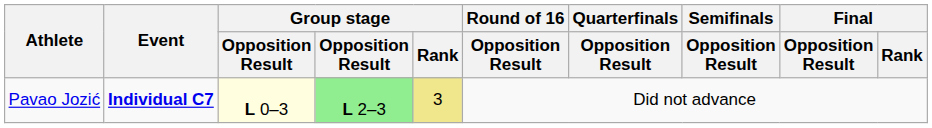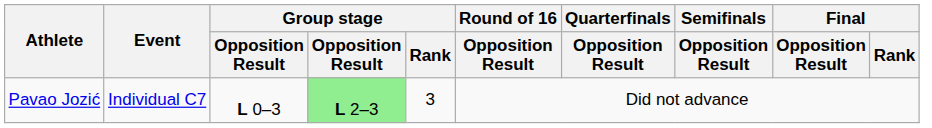 <table class=wikitable style="font-size:90%">
 <tr>
 <th rowspan="2">Athlete</th>
 <th rowspan="2">Event</th>
 <th colspan="3">Group stage</th>
 <th>Round of 16</th>
 <th>Quarterfinals</th>
 <th>Semifinals</th>
 <th colspan="2">Final</th>
 </tr>
 <tr>
 <th>Opposition<br>Result</th>
 <th>Opposition<br>Result</th>
 <th>Rank</th>
 <th>Opposition<br>Result</th>
 <th>Opposition<br>Result</th>
 <th>Opposition<br>Result</th>
 <th>Opposition<br>Result</th>
 <th>Rank</th>
 </tr>
 <tr align=center>
 <td align=left><a href='#'>Pavao Jozić</a></td>
-<td align=left><strong><a href='#'>Individual C7</a></strong></td>
-<td style="background: lightyellow;"><br><strong>L</strong> 0–3</td>
+<td align=left><a href='#'>Individual C7</a></td>
+<td><br><strong>L</strong> 0–3</td>
 <td style="background: lightgreen;"><br><strong>L</strong> 2–3</td>
-<td style="background: khaki;">3</td>
+<td>3</td>
 <td colspan=5>Did not advance</td>
 </tr>
 </table>
